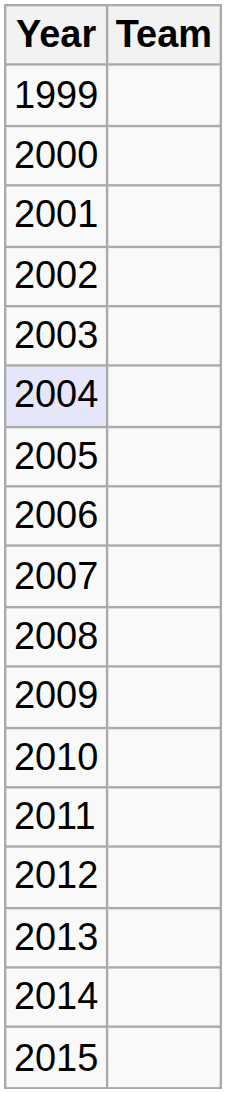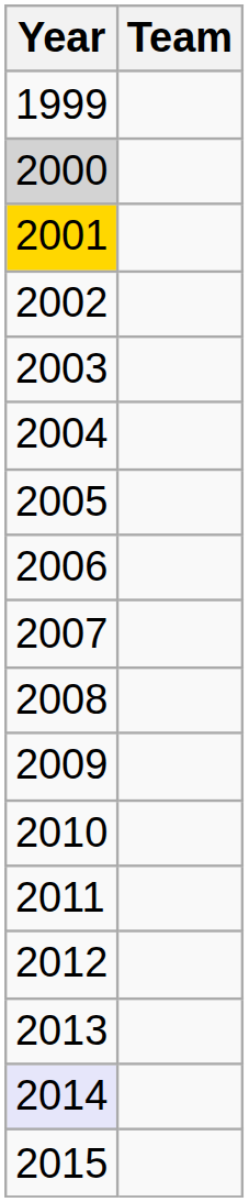 <table class="wikitable">
 <tr>
 <th>Year</th>
 <th>Team</th>
 </tr>
 <tr>
 <td>1999</td>
 <td></td>
 </tr>
 <tr>
-<td>2000</td>
+<td style="background: lightgrey;">2000</td>
 <td></td>
 </tr>
 <tr>
-<td>2001</td>
+<td style="background: gold;">2001</td>
 <td></td>
 </tr>
 <tr>
 <td>2002</td>
 <td></td>
 </tr>
 <tr>
 <td>2003</td>
 <td></td>
 </tr>
 <tr>
-<td style="background: lavender;">2004</td>
+<td>2004</td>
 <td></td>
 </tr>
 <tr>
 <td>2005</td>
 <td></td>
 </tr>
 <tr>
 <td>2006</td>
 <td></td>
 </tr>
 <tr>
 <td>2007</td>
 <td></td>
 </tr>
 <tr>
 <td>2008</td>
 <td></td>
 </tr>
 <tr>
 <td>2009</td>
 <td></td>
 </tr>
 <tr>
 <td>2010</td>
 <td></td>
 </tr>
 <tr>
 <td>2011</td>
 <td></td>
 </tr>
 <tr>
 <td>2012</td>
 <td></td>
 </tr>
 <tr>
 <td>2013</td>
 <td></td>
 </tr>
 <tr>
-<td>2014</td>
+<td style="background: lavender;">2014</td>
 <td></td>
 </tr>
 <tr>
 <td>2015</td>
 <td></td>
 </tr>
 </table>
